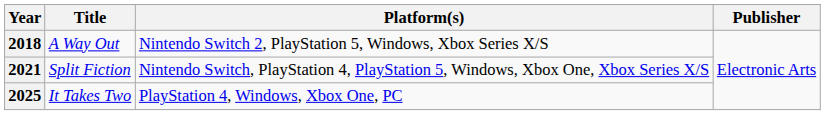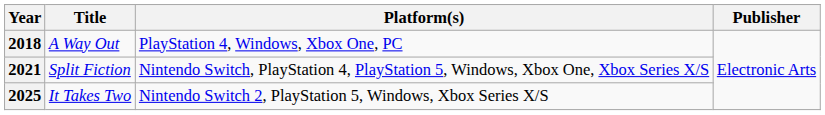 <table class="wikitable sortable plainrowheaders">
 <tr>
 <th scope="col">Year</th>
 <th scope="col">Title</th>
 <th scope="col">Platform(s)</th>
 <th scope="col">Publisher</th>
 </tr>
 <tr>
 <th scope="row">2018</th>
 <td><em><a href='#'>A Way Out</a></em></td>
-<td><a href='#'>Nintendo Switch 2</a>, PlayStation 5, Windows, Xbox Series X/S</td>
+<td><a href='#'>PlayStation 4</a>, <a href='#'>Windows</a>, <a href='#'>Xbox One</a>, <a href='#'>PC</a></td>
 <td rowspan="3"><a href='#'>Electronic Arts</a></td>
 </tr>
 <tr>
 <th scope="row">2021</th>
 <td><em><a href='#'>Split Fiction</a></em></td>
 <td><a href='#'>Nintendo Switch</a>, PlayStation 4, <a href='#'>PlayStation 5</a>, Windows, Xbox One, <a href='#'>Xbox Series X/S</a></td>
 </tr>
 <tr>
 <th scope="row">2025</th>
 <td><em><a href='#'>It Takes Two</a></em></td>
-<td><a href='#'>PlayStation 4</a>, <a href='#'>Windows</a>, <a href='#'>Xbox One</a>, <a href='#'>PC</a></td>
+<td><a href='#'>Nintendo Switch 2</a>, PlayStation 5, Windows, Xbox Series X/S</td>
 </tr>
 </table>
